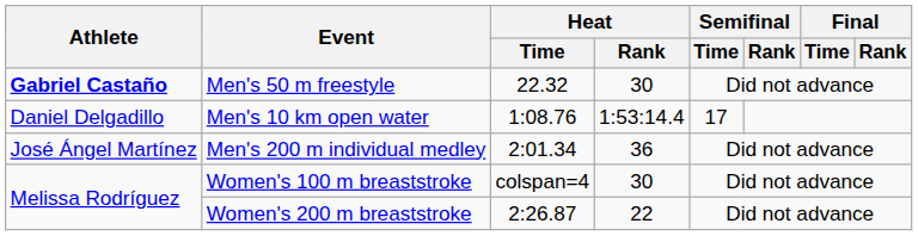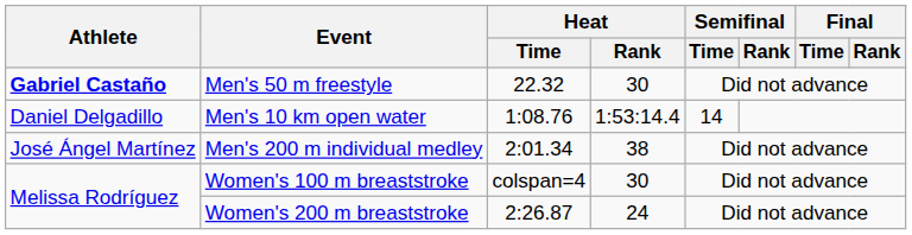 <table class=wikitable style="font-size:90%">
 <tr>
 <th rowspan="2">Athlete</th>
 <th rowspan="2">Event</th>
 <th colspan="2">Heat</th>
 <th colspan="2">Semifinal</th>
 <th colspan="2">Final</th>
 </tr>
 <tr style="font-size:95%">
 <th>Time</th>
 <th>Rank</th>
 <th>Time</th>
 <th>Rank</th>
 <th>Time</th>
 <th>Rank</th>
 </tr>
 <tr align=center>
 <td align=left><strong><a href='#'>Gabriel Castaño</a></strong></td>
 <td align=left><a href='#'>Men's 50 m freestyle</a></td>
 <td>22.32</td>
 <td>30</td>
 <td colspan="4">Did not advance</td>
 </tr>
 <tr align=center>
 <td align=left><a href='#'>Daniel Delgadillo</a></td>
 <td align=left><a href='#'>Men's 10 km open water</a></td>
 <td>1:08.76</td>
 <td>1:53:14.4</td>
-<td>17</td>
+<td>14</td>
 </tr>
 <tr align=center>
 <td align=left><a href='#'>José Ángel Martínez</a></td>
 <td align=left><a href='#'>Men's 200 m individual medley</a></td>
 <td>2:01.34</td>
-<td>36</td>
+<td>38</td>
 <td colspan="4">Did not advance</td>
 </tr>
 <tr align=center>
 <td align=left rowspan=2><a href='#'>Melissa Rodríguez</a></td>
 <td align=left><a href='#'>Women's 100 m breaststroke</a></td>
 <td>colspan=4 </td>
 <td>30</td>
 <td colspan="4">Did not advance</td>
 </tr>
 <tr align=center>
 <td align=left><a href='#'>Women's 200 m breaststroke</a></td>
 <td>2:26.87</td>
-<td>22</td>
+<td>24</td>
 <td colspan="4">Did not advance</td>
 </tr>
 </table>
